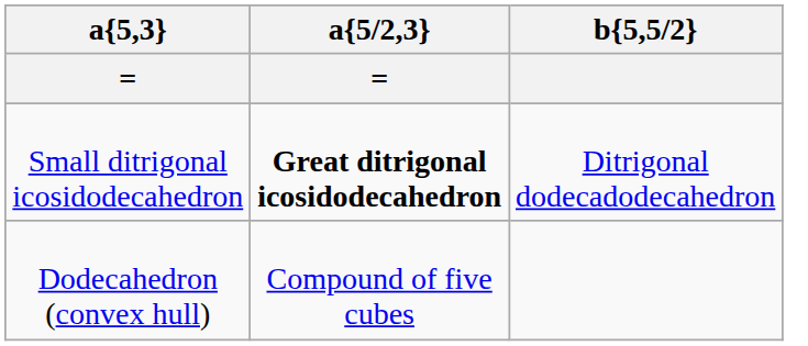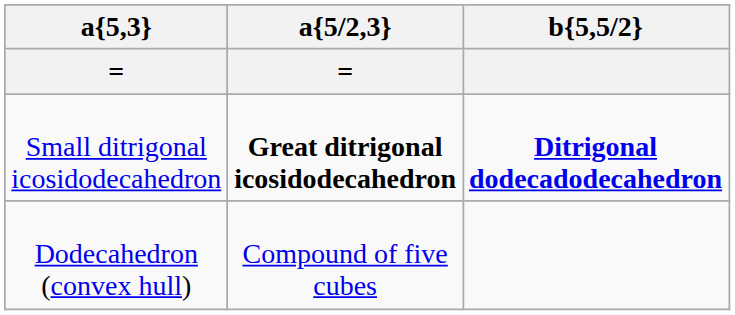 <table class="wikitable" width="400" style="vertical-align:top;text-align:center">
 <tr>
 <th>a{5,3}</th>
 <th>a{5/2,3}</th>
 <th>b{5,5/2}</th>
 </tr>
 <tr>
 <th> = </th>
 <th> = </th>
 <th></th>
 </tr>
 <tr>
 <td align=center><br><a href='#'>Small ditrigonal icosidodecahedron</a></td>
 <td align=center><br><strong>Great ditrigonal icosidodecahedron</strong></td>
-<td align=center><br><a href='#'>Ditrigonal dodecadodecahedron</a></td>
+<td align=center><strong><br><a href='#'>Ditrigonal dodecadodecahedron</a></strong></td>
 </tr>
 <tr>
 <td align=center><br><a href='#'>Dodecahedron</a> (<a href='#'>convex hull</a>)</td>
 <td align=center><br><a href='#'>Compound of five cubes</a></td>
 </tr>
 </table>
